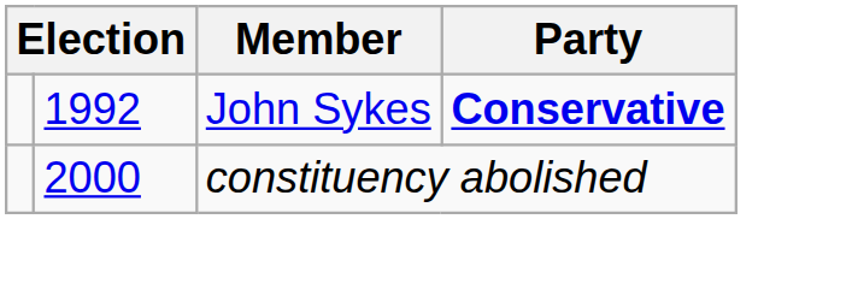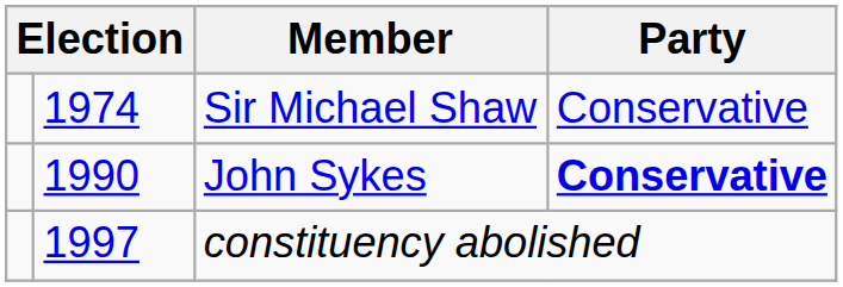 <table class="wikitable">
 <tr>
 <th colspan="2">Election</th>
 <th>Member</th>
 <th>Party</th>
 </tr>
 <tr>
 <td style="color:inherit;background-color: "></td>
-<td><a href='#'>1992</a></td>
+<td><a href='#'>1974</a></td>
+<td><a href='#'>Sir Michael Shaw</a></td>
+<td><a href='#'>Conservative</a></td>
+</tr>
+<tr>
+<td style="color:inherit;background-color: "></td>
+<td><a href='#'>1990</a></td>
 <td><a href='#'>John Sykes</a></td>
 <td><strong><a href='#'>Conservative</a></strong></td>
 </tr>
 <tr>
 <td></td>
-<td><a href='#'>2000</a></td>
+<td><a href='#'>1997</a></td>
 <td colspan="2"><em>constituency abolished</em></td>
 </tr>
 </table>
